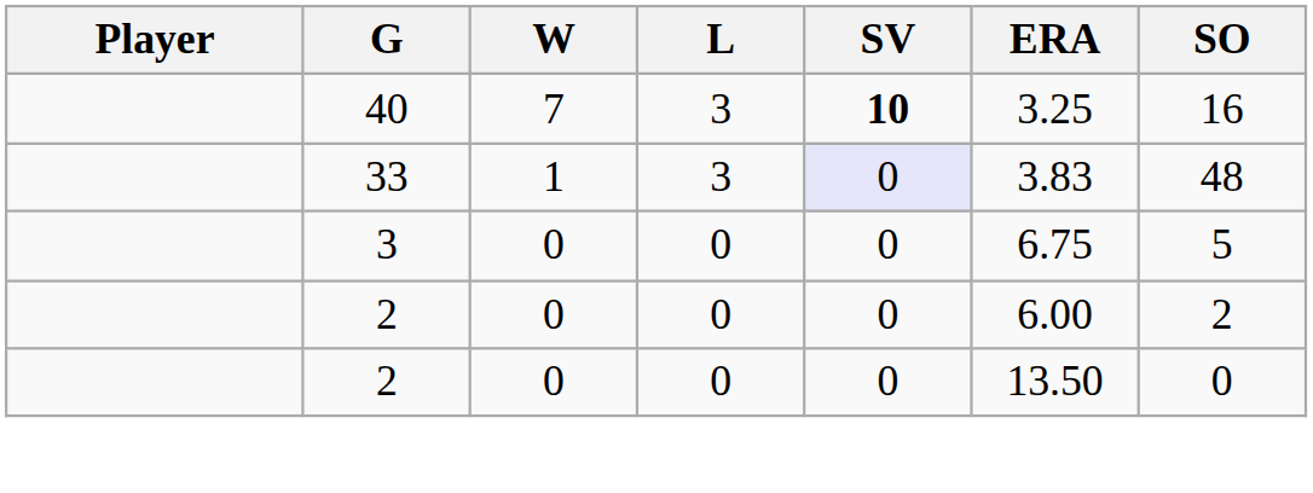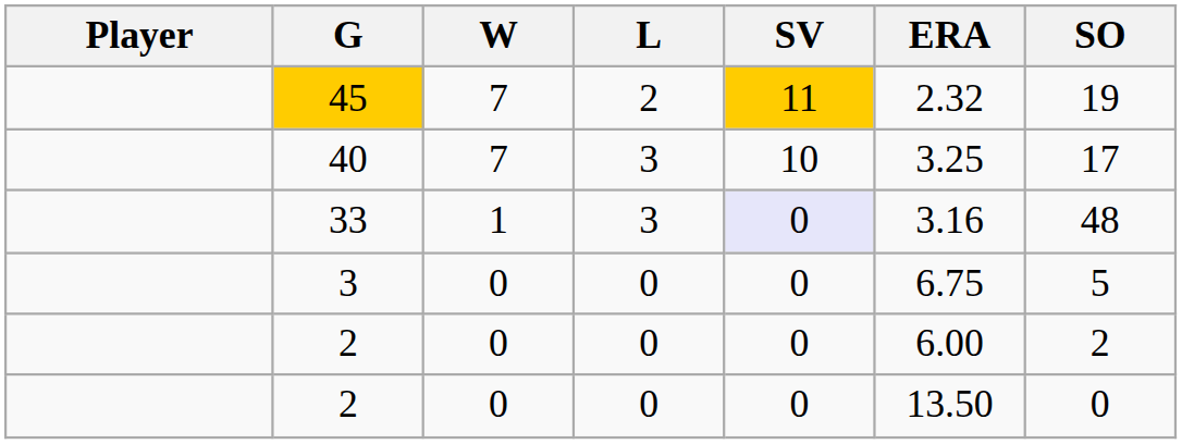 <table class="wikitable sortable">
 <tr>
 <th bgcolor="#DDDDFF" width="16%">Player</th>
 <th bgcolor="#DDDDFF" width="9%">G</th>
 <th bgcolor="#DDDDFF" width="9%">W</th>
 <th bgcolor="#DDDDFF" width="9%">L</th>
 <th bgcolor="#DDDDFF" width="9%">SV</th>
 <th bgcolor="#DDDDFF" width="9%">ERA</th>
 <th bgcolor="#DDDDFF" width="9%">SO</th>
 </tr>
 <tr align="center">
 <td></td>
+<td style="background:#fc0;">45</td>
+<td>7</td>
+<td>2</td>
+<td style="background:#fc0;">11</td>
+<td>2.32</td>
+<td>19</td>
+</tr>
+<tr align="center">
+<td></td>
 <td>40</td>
 <td>7</td>
 <td>3</td>
-<td><strong>10</strong></td>
+<td>10</td>
 <td>3.25</td>
-<td>16</td>
+<td>17</td>
 </tr>
 <tr align="center">
 <td></td>
 <td>33</td>
 <td>1</td>
 <td>3</td>
 <td style="background: lavender;">0</td>
-<td>3.83</td>
+<td>3.16</td>
 <td>48</td>
 </tr>
 <tr align="center">
 <td></td>
 <td>3</td>
 <td>0</td>
 <td>0</td>
 <td>0</td>
 <td>6.75</td>
 <td>5</td>
 </tr>
 <tr align="center">
 <td></td>
 <td>2</td>
 <td>0</td>
 <td>0</td>
 <td>0</td>
 <td>6.00</td>
 <td>2</td>
 </tr>
 <tr align="center">
 <td></td>
 <td>2</td>
 <td>0</td>
 <td>0</td>
 <td>0</td>
 <td>13.50</td>
 <td>0</td>
 </tr>
 </table>
